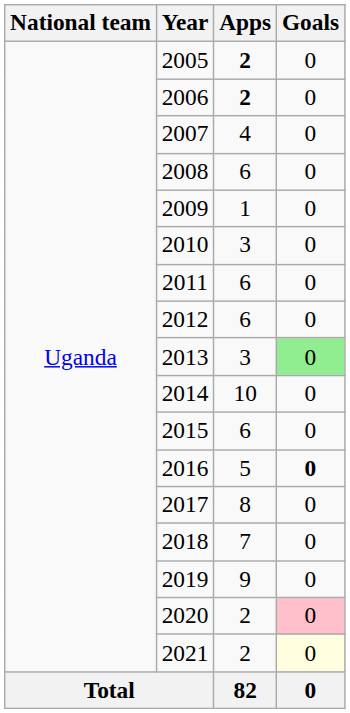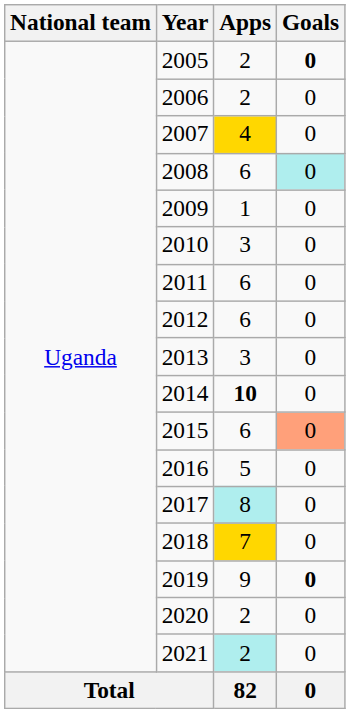 <table class="wikitable" style="text-align:center">
 <tr>
 <th>National team</th>
 <th>Year</th>
 <th>Apps</th>
 <th>Goals</th>
 </tr>
 <tr>
 <td rowspan="17"><a href='#'>Uganda</a></td>
 <td>2005</td>
-<td><strong>2</strong></td>
-<td>0</td>
+<td>2</td>
+<td><strong>0</strong></td>
 </tr>
 <tr>
 <td>2006</td>
-<td><strong>2</strong></td>
+<td>2</td>
 <td>0</td>
 </tr>
 <tr>
 <td>2007</td>
-<td>4</td>
+<td style="background: gold;">4</td>
 <td>0</td>
 </tr>
 <tr>
 <td>2008</td>
 <td>6</td>
-<td>0</td>
+<td style="background: paleturquoise;">0</td>
 </tr>
 <tr>
 <td>2009</td>
 <td>1</td>
 <td>0</td>
 </tr>
 <tr>
 <td>2010</td>
 <td>3</td>
 <td>0</td>
 </tr>
 <tr>
 <td>2011</td>
 <td>6</td>
 <td>0</td>
 </tr>
 <tr>
 <td>2012</td>
 <td>6</td>
 <td>0</td>
 </tr>
 <tr>
 <td>2013</td>
 <td>3</td>
-<td style="background: lightgreen;">0</td>
+<td>0</td>
 </tr>
 <tr>
 <td>2014</td>
-<td>10</td>
+<td><strong>10</strong></td>
 <td>0</td>
 </tr>
 <tr>
 <td>2015</td>
 <td>6</td>
-<td>0</td>
+<td style="background: lightsalmon;">0</td>
 </tr>
 <tr>
 <td>2016</td>
 <td>5</td>
-<td><strong>0</strong></td>
+<td>0</td>
 </tr>
 <tr>
 <td>2017</td>
-<td>8</td>
+<td style="background: paleturquoise;">8</td>
 <td>0</td>
 </tr>
 <tr>
 <td>2018</td>
-<td>7</td>
+<td style="background: gold;">7</td>
 <td>0</td>
 </tr>
 <tr>
 <td>2019</td>
 <td>9</td>
-<td>0</td>
+<td><strong>0</strong></td>
 </tr>
 <tr>
 <td>2020</td>
 <td>2</td>
-<td style="background: pink;">0</td>
+<td>0</td>
 </tr>
 <tr>
 <td>2021</td>
-<td>2</td>
-<td style="background: lightyellow;">0</td>
+<td style="background: paleturquoise;">2</td>
+<td>0</td>
 </tr>
 <tr>
 <th colspan="2">Total</th>
 <th>82</th>
 <th>0</th>
 </tr>
 </table>
